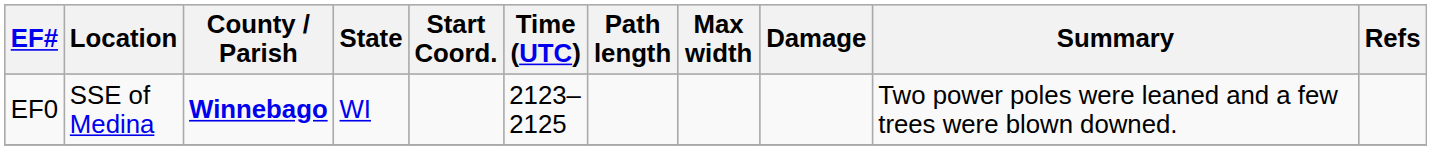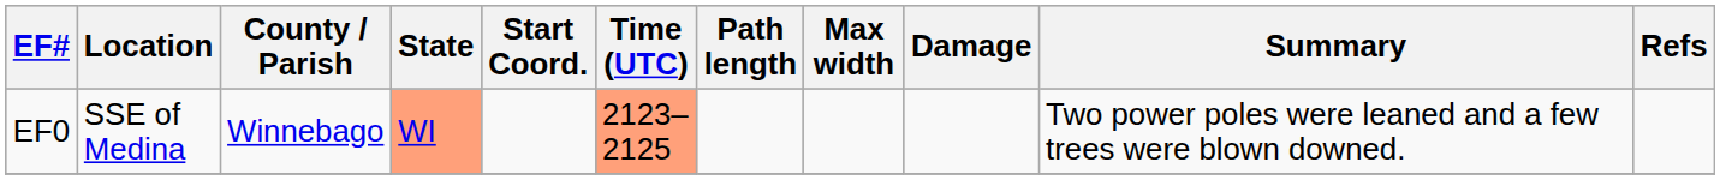 <table class="wikitable sortable" style="width:100%;">
 <tr>
 <th scope="col" width="3%" align="center"><a href='#'>EF#</a></th>
 <th scope="col" width="7%" align="center" class="unsortable">Location</th>
 <th scope="col" width="6%" align="center" class="unsortable">County / Parish</th>
 <th scope="col" width="5%" align="center">State</th>
 <th scope="col" width="6%" align="center">Start Coord.</th>
 <th scope="col" width="6%" align="center">Time (<a href='#'>UTC</a>)</th>
 <th scope="col" width="6%" align="center">Path length</th>
 <th scope="col" width="6%" align="center">Max width</th>
 <th scope="col" width="6%" align="center">Damage</th>
 <th scope="col" width="48%" class="unsortable" align="center">Summary</th>
 <th scope="col" width="48%" class="unsortable" align="center">Refs</th>
 </tr>
 <tr>
 <td>EF0</td>
 <td>SSE of <a href='#'>Medina</a></td>
-<td><strong><a href='#'>Winnebago</a></strong></td>
-<td><a href='#'>WI</a></td>
+<td><a href='#'>Winnebago</a></td>
+<td style="background: lightsalmon;"><a href='#'>WI</a></td>
 <td></td>
-<td>2123–2125</td>
+<td style="background: lightsalmon;">2123–2125</td>
 <td></td>
 <td></td>
 <td></td>
 <td>Two power poles were leaned and a few trees were blown downed.</td>
 <td></td>
 </tr>
 <tr>
 </tr>
 </table>
